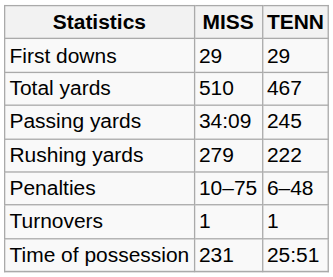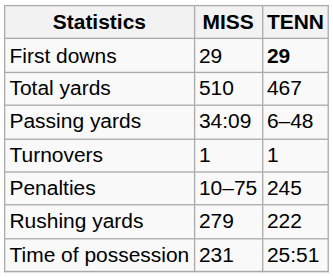 <table class="wikitable" style="float: left;">
 <tr>
 <th>Statistics</th>
 <th>MISS</th>
 <th>TENN</th>
 </tr>
 <tr>
 <td>First downs</td>
 <td>29</td>
-<td>29</td>
+<td><strong>29</strong></td>
 </tr>
 <tr>
 <td>Total yards</td>
 <td>510</td>
 <td>467</td>
 </tr>
 <tr>
 <td>Passing yards</td>
 <td>34:09</td>
+<td>6–48</td>
+</tr>
+<tr>
+<td>Turnovers</td>
+<td>1</td>
+<td>1</td>
+</tr>
+<tr>
+<td>Penalties</td>
+<td>10–75</td>
 <td>245</td>
 </tr>
 <tr>
 <td>Rushing yards</td>
 <td>279</td>
 <td>222</td>
-</tr>
-<tr>
-<td>Penalties</td>
-<td>10–75</td>
-<td>6–48</td>
-</tr>
-<tr>
-<td>Turnovers</td>
-<td>1</td>
-<td>1</td>
 </tr>
 <tr>
 <td>Time of possession</td>
 <td>231</td>
 <td>25:51</td>
 </tr>
 <tr>
 </tr>
 </table>
